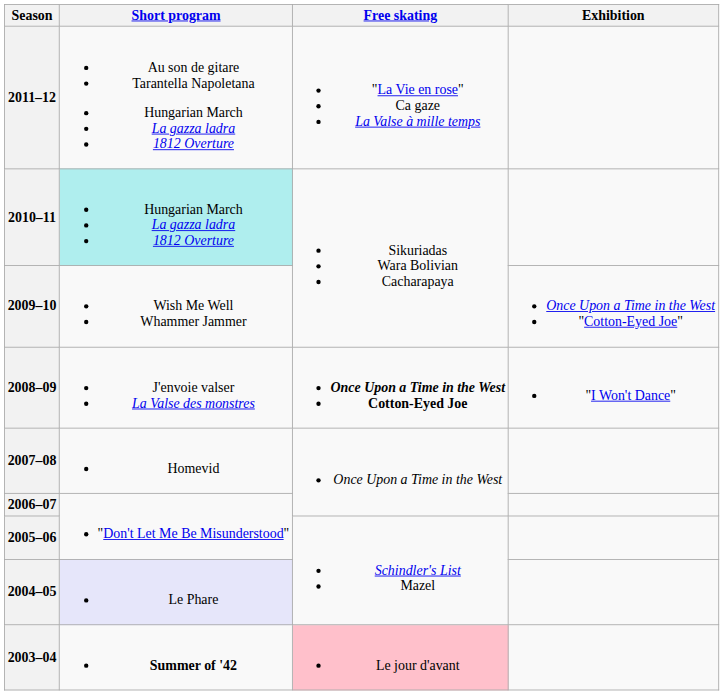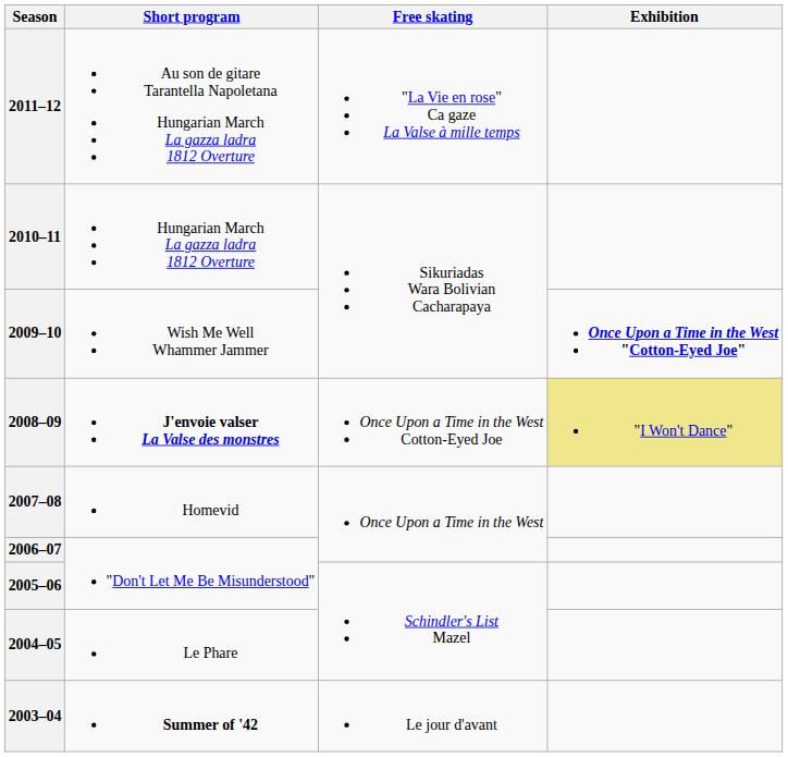 <table class="wikitable" style="text-align:center">
 <tr>
 <th>Season</th>
 <th><a href='#'>Short program</a></th>
 <th><a href='#'>Free skating</a></th>
 <th>Exhibition</th>
 </tr>
 <tr>
 <th>2011–12 <br> </th>
 <td><br><ul><li>Au son de gitare <br></li><li>Tarantella Napoletana <br></li></ul><ul><li>Hungarian March <br></li><li><em><a href='#'>La gazza ladra</a></em> <br></li><li><em><a href='#'>1812 Overture</a></em> <br></li></ul></td>
 <td><br><ul><li>"<a href='#'>La Vie en rose</a>" <br></li><li>Ca gaze <br></li><li><em><a href='#'>La Valse à mille temps</a></em> <br></li></ul></td>
 <td></td>
 </tr>
 <tr>
 <th>2010–11 <br> </th>
-<td style="background: paleturquoise;"><br><ul><li>Hungarian March</li><li><em><a href='#'>La gazza ladra</a></em></li><li><em><a href='#'>1812 Overture</a></em></li></ul></td>
+<td><br><ul><li>Hungarian March</li><li><em><a href='#'>La gazza ladra</a></em></li><li><em><a href='#'>1812 Overture</a></em></li></ul></td>
 <td rowspan="2"><br><ul><li>Sikuriadas <br></li><li>Wara Bolivian</li><li>Cacharapaya <br></li></ul></td>
 <td></td>
 </tr>
 <tr>
 <th>2009–10 <br> </th>
 <td><br><ul><li>Wish Me Well <br></li><li>Whammer Jammer <br></li></ul></td>
-<td><br><ul><li><em><a href='#'>Once Upon a Time in the West</a></em> <br></li><li>"<a href='#'>Cotton-Eyed Joe</a>" <br></li></ul></td>
+<td><strong><br><ul><li><em><a href='#'>Once Upon a Time in the West</a></em> <br></li><li>"<a href='#'>Cotton-Eyed Joe</a>" <br></li></ul></strong></td>
 </tr>
 <tr>
 <th>2008–09 <br> </th>
-<td><br><ul><li>J'envoie valser <br></li><li><em><a href='#'>La Valse des monstres</a></em> <br></li></ul></td>
-<td><strong><br><ul><li><em>Once Upon a Time in the West</em></li><li>Cotton-Eyed Joe</li></ul></strong></td>
-<td><br><ul><li>"<a href='#'>I Won't Dance</a>" <br></li></ul></td>
+<td><strong><br><ul><li>J'envoie valser <br></li><li><em><a href='#'>La Valse des monstres</a></em> <br></li></ul></strong></td>
+<td><br><ul><li><em>Once Upon a Time in the West</em></li><li>Cotton-Eyed Joe</li></ul></td>
+<td style="background: khaki;"><br><ul><li>"<a href='#'>I Won't Dance</a>" <br></li></ul></td>
 </tr>
 <tr>
 <th>2007–08</th>
 <td><br><ul><li>Homevid <br></li></ul></td>
 <td rowspan="2"><br><ul><li><em>Once Upon a Time in the West</em> <br></li></ul></td>
 <td></td>
 </tr>
 <tr>
 <th>2006–07 <br> </th>
 <td rowspan=2><br><ul><li>"<a href='#'>Don't Let Me Be Misunderstood</a>" <br></li></ul></td>
 <td></td>
 </tr>
 <tr>
 <th>2005–06 <br> </th>
 <td rowspan="2"><br><ul><li><em><a href='#'>Schindler's List</a></em> <br></li><li>Mazel <br></li></ul></td>
 <td></td>
 </tr>
 <tr>
 <th>2004–05 <br> </th>
-<td style="background: lavender;"><br><ul><li>Le Phare <br></li></ul></td>
+<td><br><ul><li>Le Phare <br></li></ul></td>
 <td></td>
 </tr>
 <tr>
 <th>2003–04</th>
 <td><strong><br><ul><li>Summer of '42</li></ul></strong></td>
-<td style="background: pink;"><br><ul><li>Le jour d'avant <br></li></ul></td>
+<td><br><ul><li>Le jour d'avant <br></li></ul></td>
 <td></td>
 </tr>
 </table>
